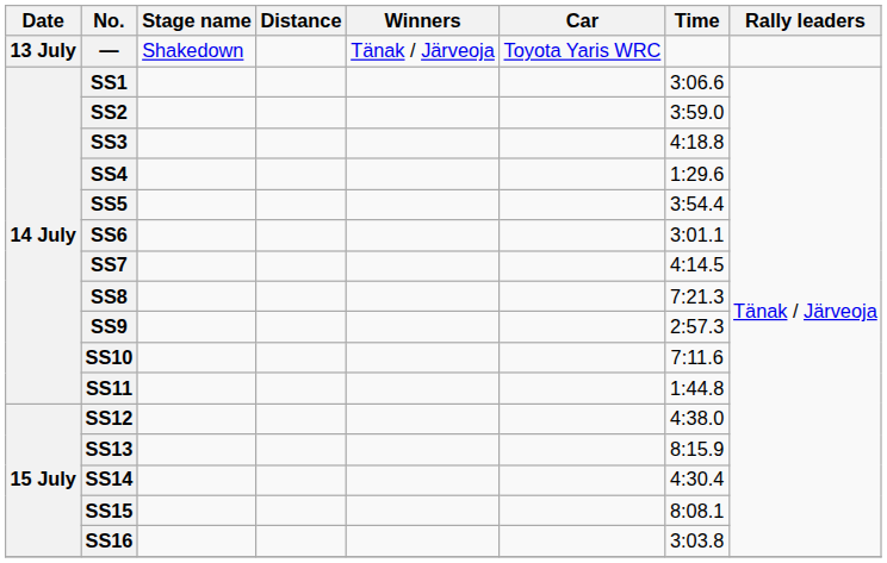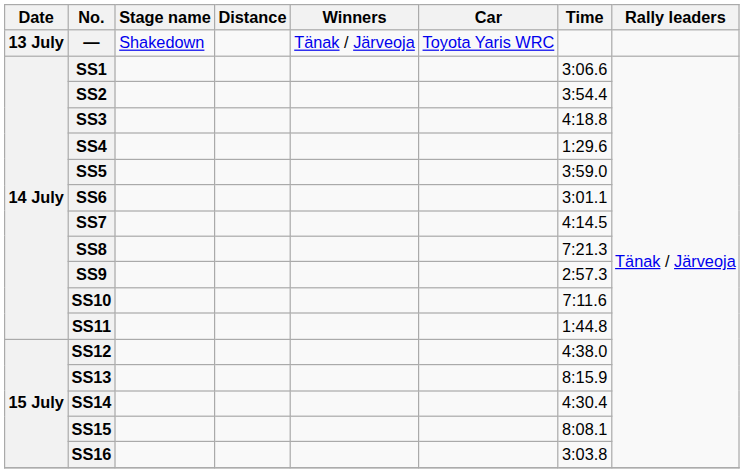 <table class="wikitable" style="font-size: 85%;">
 <tr>
 <th>Date</th>
 <th>No.</th>
 <th>Stage name</th>
 <th>Distance</th>
 <th>Winners</th>
 <th>Car</th>
 <th>Time</th>
 <th>Rally leaders</th>
 </tr>
 <tr>
 <th>13 July</th>
 <th align="center">—</th>
 <td nowrap><a href='#'>Shakedown</a></td>
 <td align="center"></td>
 <td nowrap><a href='#'>Tänak</a> / <a href='#'>Järveoja</a></td>
 <td nowrap><a href='#'>Toyota Yaris WRC</a></td>
 <td></td>
 <td></td>
 </tr>
 <tr>
 <th rowspan="11">14 July</th>
 <th>SS1</th>
 <td></td>
 <td align="center"></td>
 <td></td>
 <td></td>
 <td align="center">3:06.6</td>
 <td rowspan="16"><a href='#'>Tänak</a> / <a href='#'>Järveoja</a></td>
 </tr>
 <tr>
 <th>SS2</th>
 <td></td>
 <td align="center"></td>
 <td></td>
 <td></td>
-<td align="center">3:59.0</td>
+<td align="center">3:54.4</td>
 </tr>
 <tr>
 <th>SS3</th>
 <td></td>
 <td align="center"></td>
 <td></td>
 <td></td>
 <td align="center">4:18.8</td>
 </tr>
 <tr>
 <th>SS4</th>
 <td></td>
 <td align="center"></td>
 <td></td>
 <td></td>
 <td align="center">1:29.6</td>
 </tr>
 <tr>
 <th>SS5</th>
 <td></td>
 <td align="center"></td>
 <td></td>
 <td></td>
-<td align="center">3:54.4</td>
+<td align="center">3:59.0</td>
 </tr>
 <tr>
 <th>SS6</th>
 <td></td>
 <td align="center"></td>
 <td></td>
 <td></td>
 <td align="center">3:01.1</td>
 </tr>
 <tr>
 <th>SS7</th>
 <td></td>
 <td align="center"></td>
 <td></td>
 <td></td>
 <td align="center">4:14.5</td>
 </tr>
 <tr>
 <th>SS8</th>
 <td></td>
 <td align="center"></td>
 <td></td>
 <td></td>
 <td align="center">7:21.3</td>
 </tr>
 <tr>
 <th>SS9</th>
 <td></td>
 <td align="center"></td>
 <td></td>
 <td></td>
 <td align="center">2:57.3</td>
 </tr>
 <tr>
 <th>SS10</th>
 <td></td>
 <td align="center"></td>
 <td></td>
 <td></td>
 <td align="center">7:11.6</td>
 </tr>
 <tr>
 <th>SS11</th>
 <td></td>
 <td align="center"></td>
 <td></td>
 <td></td>
 <td align="center">1:44.8</td>
 </tr>
 <tr>
 <th rowspan="5">15 July</th>
 <th>SS12</th>
 <td></td>
 <td align="center"></td>
 <td></td>
 <td></td>
 <td align="center">4:38.0</td>
 </tr>
 <tr>
 <th>SS13</th>
 <td></td>
 <td align="center"></td>
 <td></td>
 <td></td>
 <td align="center">8:15.9</td>
 </tr>
 <tr>
 <th>SS14</th>
 <td></td>
 <td align="center"></td>
 <td></td>
 <td></td>
 <td align="center">4:30.4</td>
 </tr>
 <tr>
 <th>SS15</th>
 <td></td>
 <td align="center"></td>
 <td></td>
 <td></td>
 <td align="center">8:08.1</td>
 </tr>
 <tr>
 <th>SS16</th>
 <td></td>
 <td align="center"></td>
 <td></td>
 <td></td>
 <td align="center">3:03.8</td>
 </tr>
 <tr>
 </tr>
 </table>
